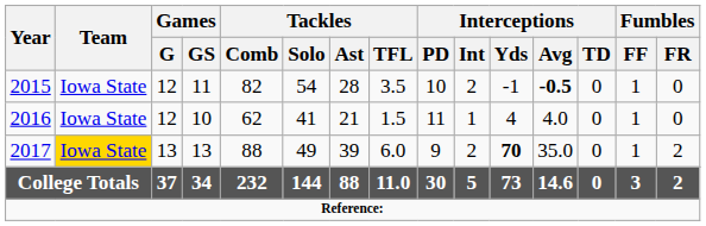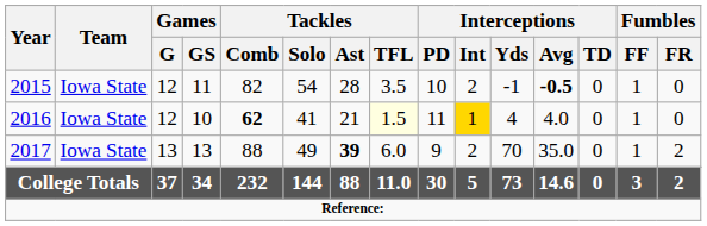 <table class="wikitable" style="text-align:center;">
 <tr>
 <th rowspan="2">Year</th>
 <th rowspan="2">Team</th>
 <th colspan="2">Games</th>
 <th colspan="4">Tackles</th>
 <th colspan="5">Interceptions</th>
 <th colspan="2">Fumbles</th>
 </tr>
 <tr>
 <th>G</th>
 <th>GS</th>
 <th>Comb</th>
 <th>Solo</th>
 <th>Ast</th>
 <th>TFL</th>
 <th>PD</th>
 <th>Int</th>
 <th>Yds</th>
 <th>Avg</th>
 <th>TD</th>
 <th>FF</th>
 <th>FR</th>
 </tr>
 <tr>
 <td><a href='#'>2015</a></td>
 <td><a href='#'>Iowa State</a></td>
 <td>12</td>
 <td>11</td>
 <td>82</td>
 <td>54</td>
 <td>28</td>
 <td>3.5</td>
 <td>10</td>
 <td>2</td>
 <td>-1</td>
 <td><strong>-0.5</strong></td>
 <td>0</td>
 <td>1</td>
 <td>0</td>
 </tr>
 <tr>
 <td><a href='#'>2016</a></td>
 <td><a href='#'>Iowa State</a></td>
 <td>12</td>
 <td>10</td>
-<td>62</td>
+<td><strong>62</strong></td>
 <td>41</td>
 <td>21</td>
-<td>1.5</td>
+<td style="background: lightyellow;">1.5</td>
 <td>11</td>
-<td>1</td>
+<td style="background: gold;">1</td>
 <td>4</td>
 <td>4.0</td>
 <td>0</td>
 <td>1</td>
 <td>0</td>
 </tr>
 <tr>
 <td><a href='#'>2017</a></td>
-<td style="background: gold;"><a href='#'>Iowa State</a></td>
+<td><a href='#'>Iowa State</a></td>
 <td>13</td>
 <td>13</td>
 <td>88</td>
 <td>49</td>
-<td>39</td>
+<td><strong>39</strong></td>
 <td>6.0</td>
 <td>9</td>
 <td>2</td>
-<td><strong>70</strong></td>
+<td>70</td>
 <td>35.0</td>
 <td>0</td>
 <td>1</td>
 <td>2</td>
 </tr>
 <tr>
 </tr>
 <tr style="background:#555; font-weight:bold; color:white;">
 <td colspan=2>College Totals</td>
 <td>37</td>
 <td>34</td>
 <td>232</td>
 <td>144</td>
 <td>88</td>
 <td>11.0</td>
 <td>30</td>
 <td>5</td>
 <td>73</td>
 <td>14.6</td>
 <td>0</td>
 <td>3</td>
 <td>2</td>
 </tr>
 <tr>
 <td colspan="16"  style="font-size:8pt; text-align:center;"><strong>Reference:</strong></td>
 </tr>
 </table>
